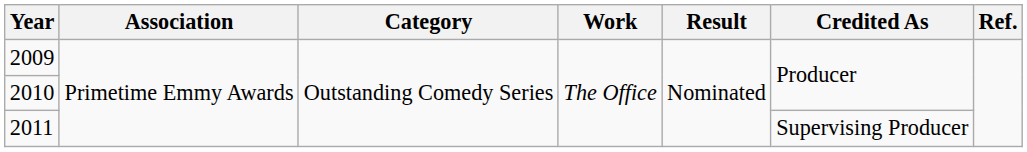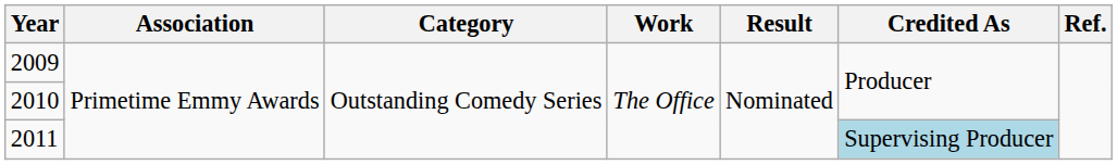 <table class="wikitable">
 <tr>
 <th>Year</th>
 <th>Association</th>
 <th>Category</th>
 <th>Work</th>
 <th>Result</th>
 <th>Credited As</th>
 <th>Ref.</th>
 </tr>
 <tr>
 <td>2009</td>
 <td rowspan="3">Primetime Emmy Awards</td>
 <td rowspan="3">Outstanding Comedy Series</td>
 <td rowspan="3"><em>The Office</em></td>
 <td rowspan="3">Nominated</td>
 <td rowspan="2">Producer</td>
 <td rowspan="3"></td>
 </tr>
 <tr>
 <td>2010</td>
 </tr>
 <tr>
 <td>2011</td>
-<td>Supervising Producer</td>
+<td style="background: lightblue;">Supervising Producer</td>
 </tr>
 </table>
